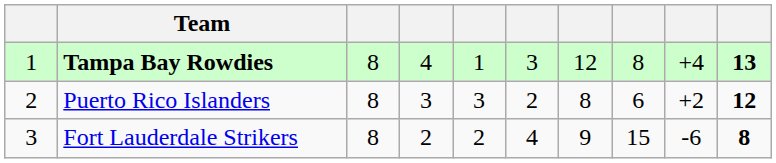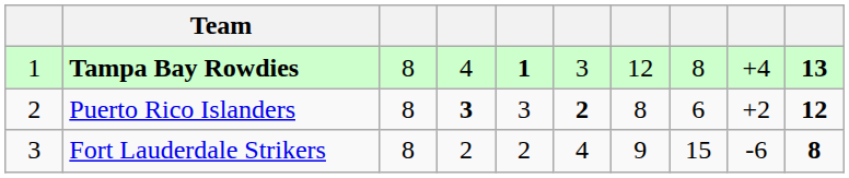 <table class="wikitable" style="text-align: center;">
 <tr>
 <th width="28"></th>
 <th width="185">Team</th>
 <th width="28"></th>
 <th width="28"></th>
 <th width="28"></th>
 <th width="28"></th>
 <th width="28"></th>
 <th width="28"></th>
 <th width="28"></th>
 <th width="28"></th>
 </tr>
 <tr bgcolor="#ccffcc">
 <td>1</td>
 <td style="text-align:left;"><strong>Tampa Bay Rowdies</strong></td>
 <td>8</td>
 <td>4</td>
-<td>1</td>
+<td><strong>1</strong></td>
 <td>3</td>
 <td>12</td>
 <td>8</td>
 <td>+4</td>
 <td><strong>13</strong></td>
 </tr>
 <tr>
 <td>2</td>
 <td style="text-align:left;"><a href='#'>Puerto Rico Islanders</a></td>
 <td>8</td>
+<td><strong>3</strong></td>
 <td>3</td>
-<td>3</td>
-<td>2</td>
+<td><strong>2</strong></td>
 <td>8</td>
 <td>6</td>
 <td>+2</td>
 <td><strong>12</strong></td>
 </tr>
 <tr>
 <td>3</td>
 <td style="text-align:left;"><a href='#'>Fort Lauderdale Strikers</a></td>
 <td>8</td>
 <td>2</td>
 <td>2</td>
 <td>4</td>
 <td>9</td>
 <td>15</td>
 <td>-6</td>
 <td><strong>8</strong></td>
 </tr>
 </table>
